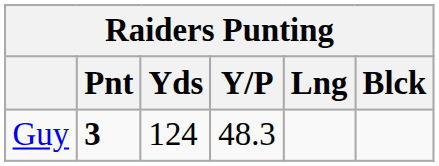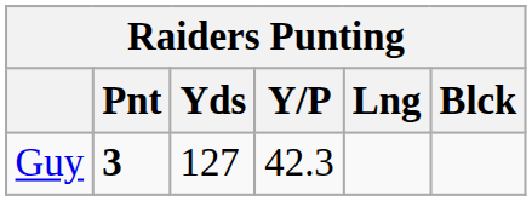 <table class="wikitable">
 <tr>
 <th colspan="6">Raiders Punting</th>
 </tr>
 <tr>
 <th></th>
 <th>Pnt</th>
 <th>Yds</th>
 <th>Y/P</th>
 <th>Lng</th>
 <th>Blck</th>
 </tr>
 <tr>
 <td><a href='#'>Guy</a></td>
 <td><strong>3</strong></td>
-<td>124</td>
-<td>48.3</td>
+<td>127</td>
+<td>42.3</td>
 <td></td>
 <td></td>
 </tr>
 </table>
